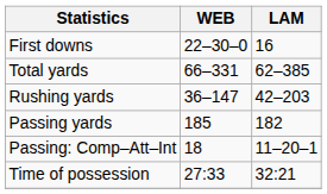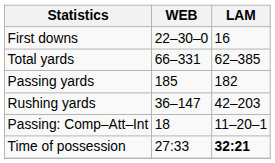 <table class="wikitable" style="float: left;">
 <tr>
 <th>Statistics</th>
 <th>WEB</th>
 <th>LAM</th>
 </tr>
 <tr>
 <td>First downs</td>
 <td>22–30–0</td>
 <td>16</td>
 </tr>
 <tr>
 <td>Total yards</td>
 <td>66–331</td>
 <td>62–385</td>
 </tr>
 <tr>
+<td>Passing yards</td>
+<td>185</td>
+<td>182</td>
+</tr>
+<tr>
 <td>Rushing yards</td>
 <td>36–147</td>
 <td>42–203</td>
-</tr>
-<tr>
-<td>Passing yards</td>
-<td>185</td>
-<td>182</td>
 </tr>
 <tr>
 <td>Passing: Comp–Att–Int</td>
 <td>18</td>
 <td>11–20–1</td>
 </tr>
 <tr>
 <td>Time of possession</td>
 <td>27:33</td>
-<td>32:21</td>
+<td><strong>32:21</strong></td>
 </tr>
 <tr>
 </tr>
 </table>
